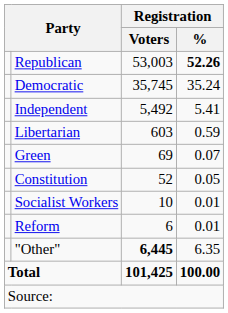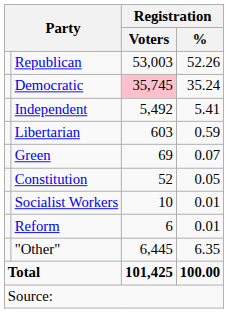 <table class="wikitable">
 <tr>
 <th colspan="2" rowspan="2">Party</th>
 <th colspan="2">Registration</th>
 </tr>
 <tr>
 <th>Voters</th>
 <th>%</th>
 </tr>
 <tr>
 <td style="background-color:"></td>
 <td><a href='#'>Republican</a></td>
 <td style="text-align:right;">53,003</td>
-<td style="text-align:right;"><strong>52.26</strong></td>
+<td style="text-align:right;">52.26</td>
 </tr>
 <tr>
 <td style="background-color:"></td>
 <td><a href='#'>Democratic</a></td>
-<td style="text-align:right;">35,745</td>
+<td style="background: pink; text-align:right;">35,745</td>
 <td style="text-align:right;">35.24</td>
 </tr>
 <tr>
 <td style="background-color:"></td>
 <td><a href='#'>Independent</a></td>
 <td style="text-align:right;">5,492</td>
 <td style="text-align:right;">5.41</td>
 </tr>
 <tr>
 <td style="background-color:"></td>
 <td><a href='#'>Libertarian</a></td>
 <td style="text-align:right;">603</td>
 <td style="text-align:right;">0.59</td>
 </tr>
 <tr>
 <td style="background-color:"></td>
 <td><a href='#'>Green</a></td>
 <td style="text-align:right;">69</td>
 <td style="text-align:right;">0.07</td>
 </tr>
 <tr>
 <td style="background-color:"></td>
 <td><a href='#'>Constitution</a></td>
 <td style="text-align:right;">52</td>
 <td style="text-align:right;">0.05</td>
 </tr>
 <tr>
 <td style="background-color:"></td>
 <td><a href='#'>Socialist Workers</a></td>
 <td style="text-align:right;">10</td>
 <td style="text-align:right;">0.01</td>
 </tr>
 <tr>
 <td style="background-color:"></td>
 <td><a href='#'>Reform</a></td>
 <td style="text-align:right;">6</td>
 <td style="text-align:right;">0.01</td>
 </tr>
 <tr>
 <td></td>
 <td>"Other"</td>
-<td style="text-align:right;"><strong>6,445</strong></td>
+<td style="text-align:right;">6,445</td>
 <td style="text-align:right;">6.35</td>
 </tr>
 <tr>
 <td colspan="2"><strong>Total</strong></td>
 <td style="text-align:right;"><strong>101,425</strong></td>
 <td style="text-align:right;"><strong>100.00</strong></td>
 </tr>
 <tr>
 <td colspan="4">Source: <em></em></td>
 </tr>
 </table>
